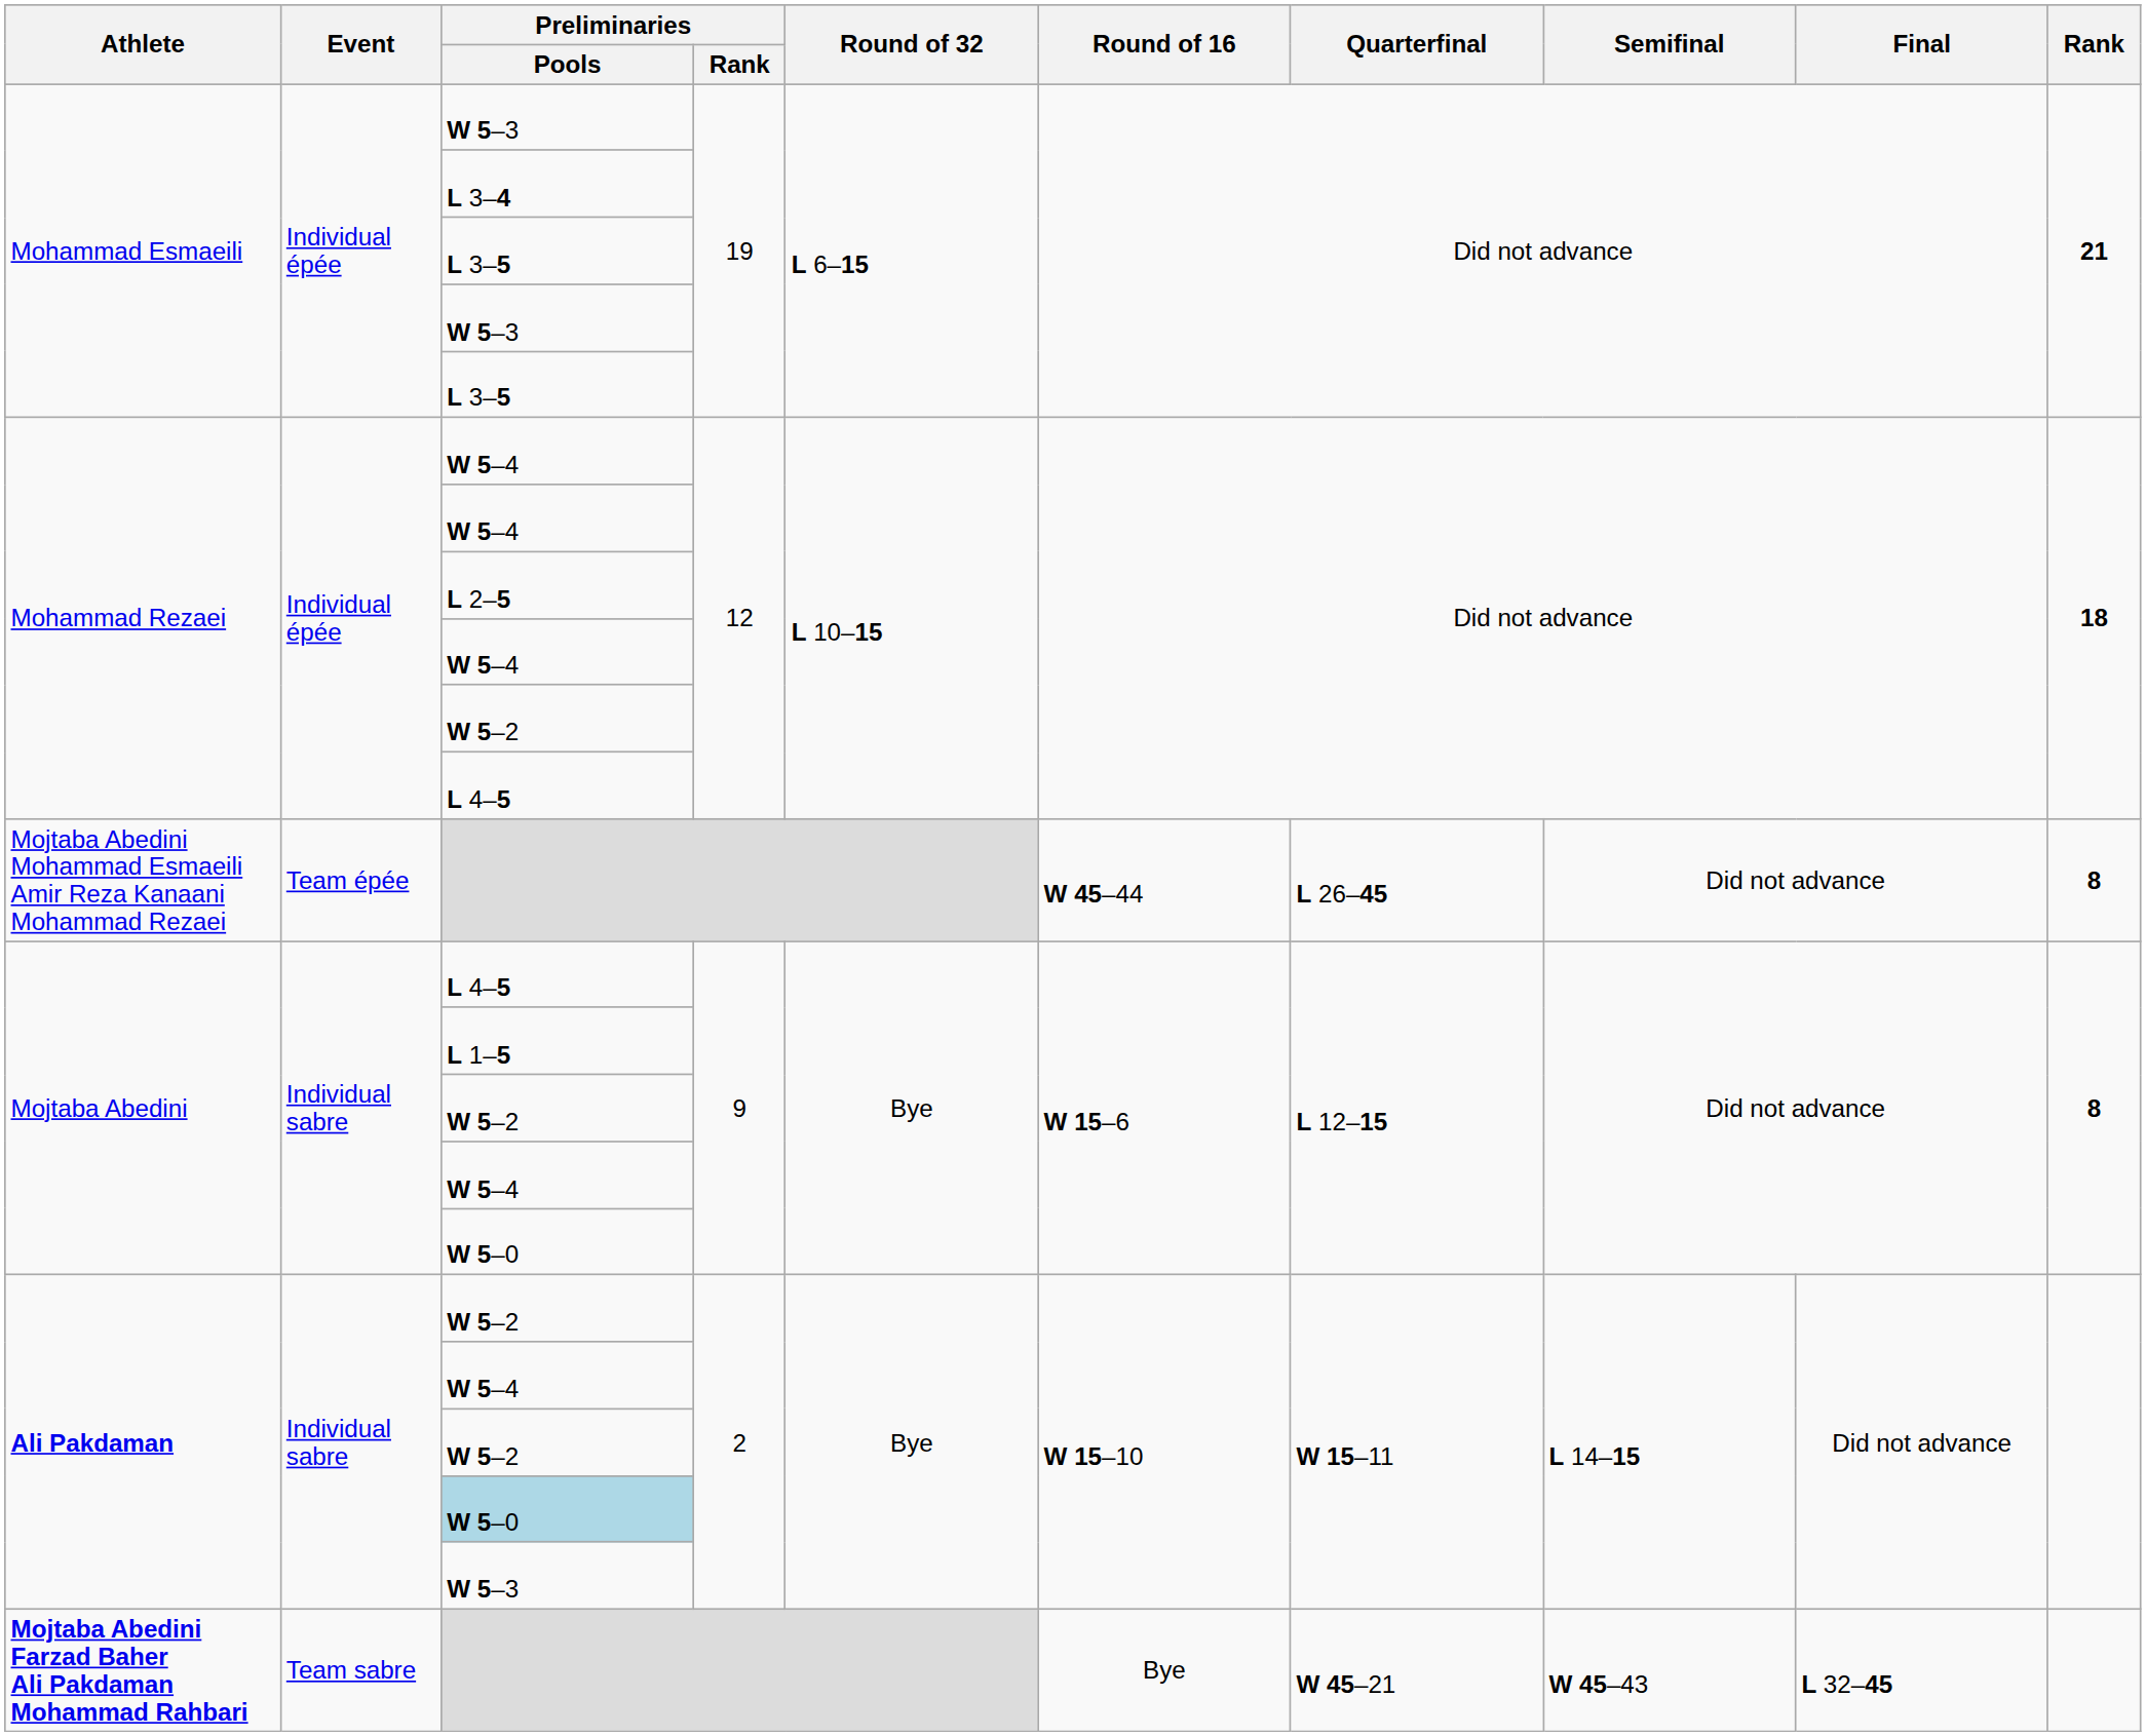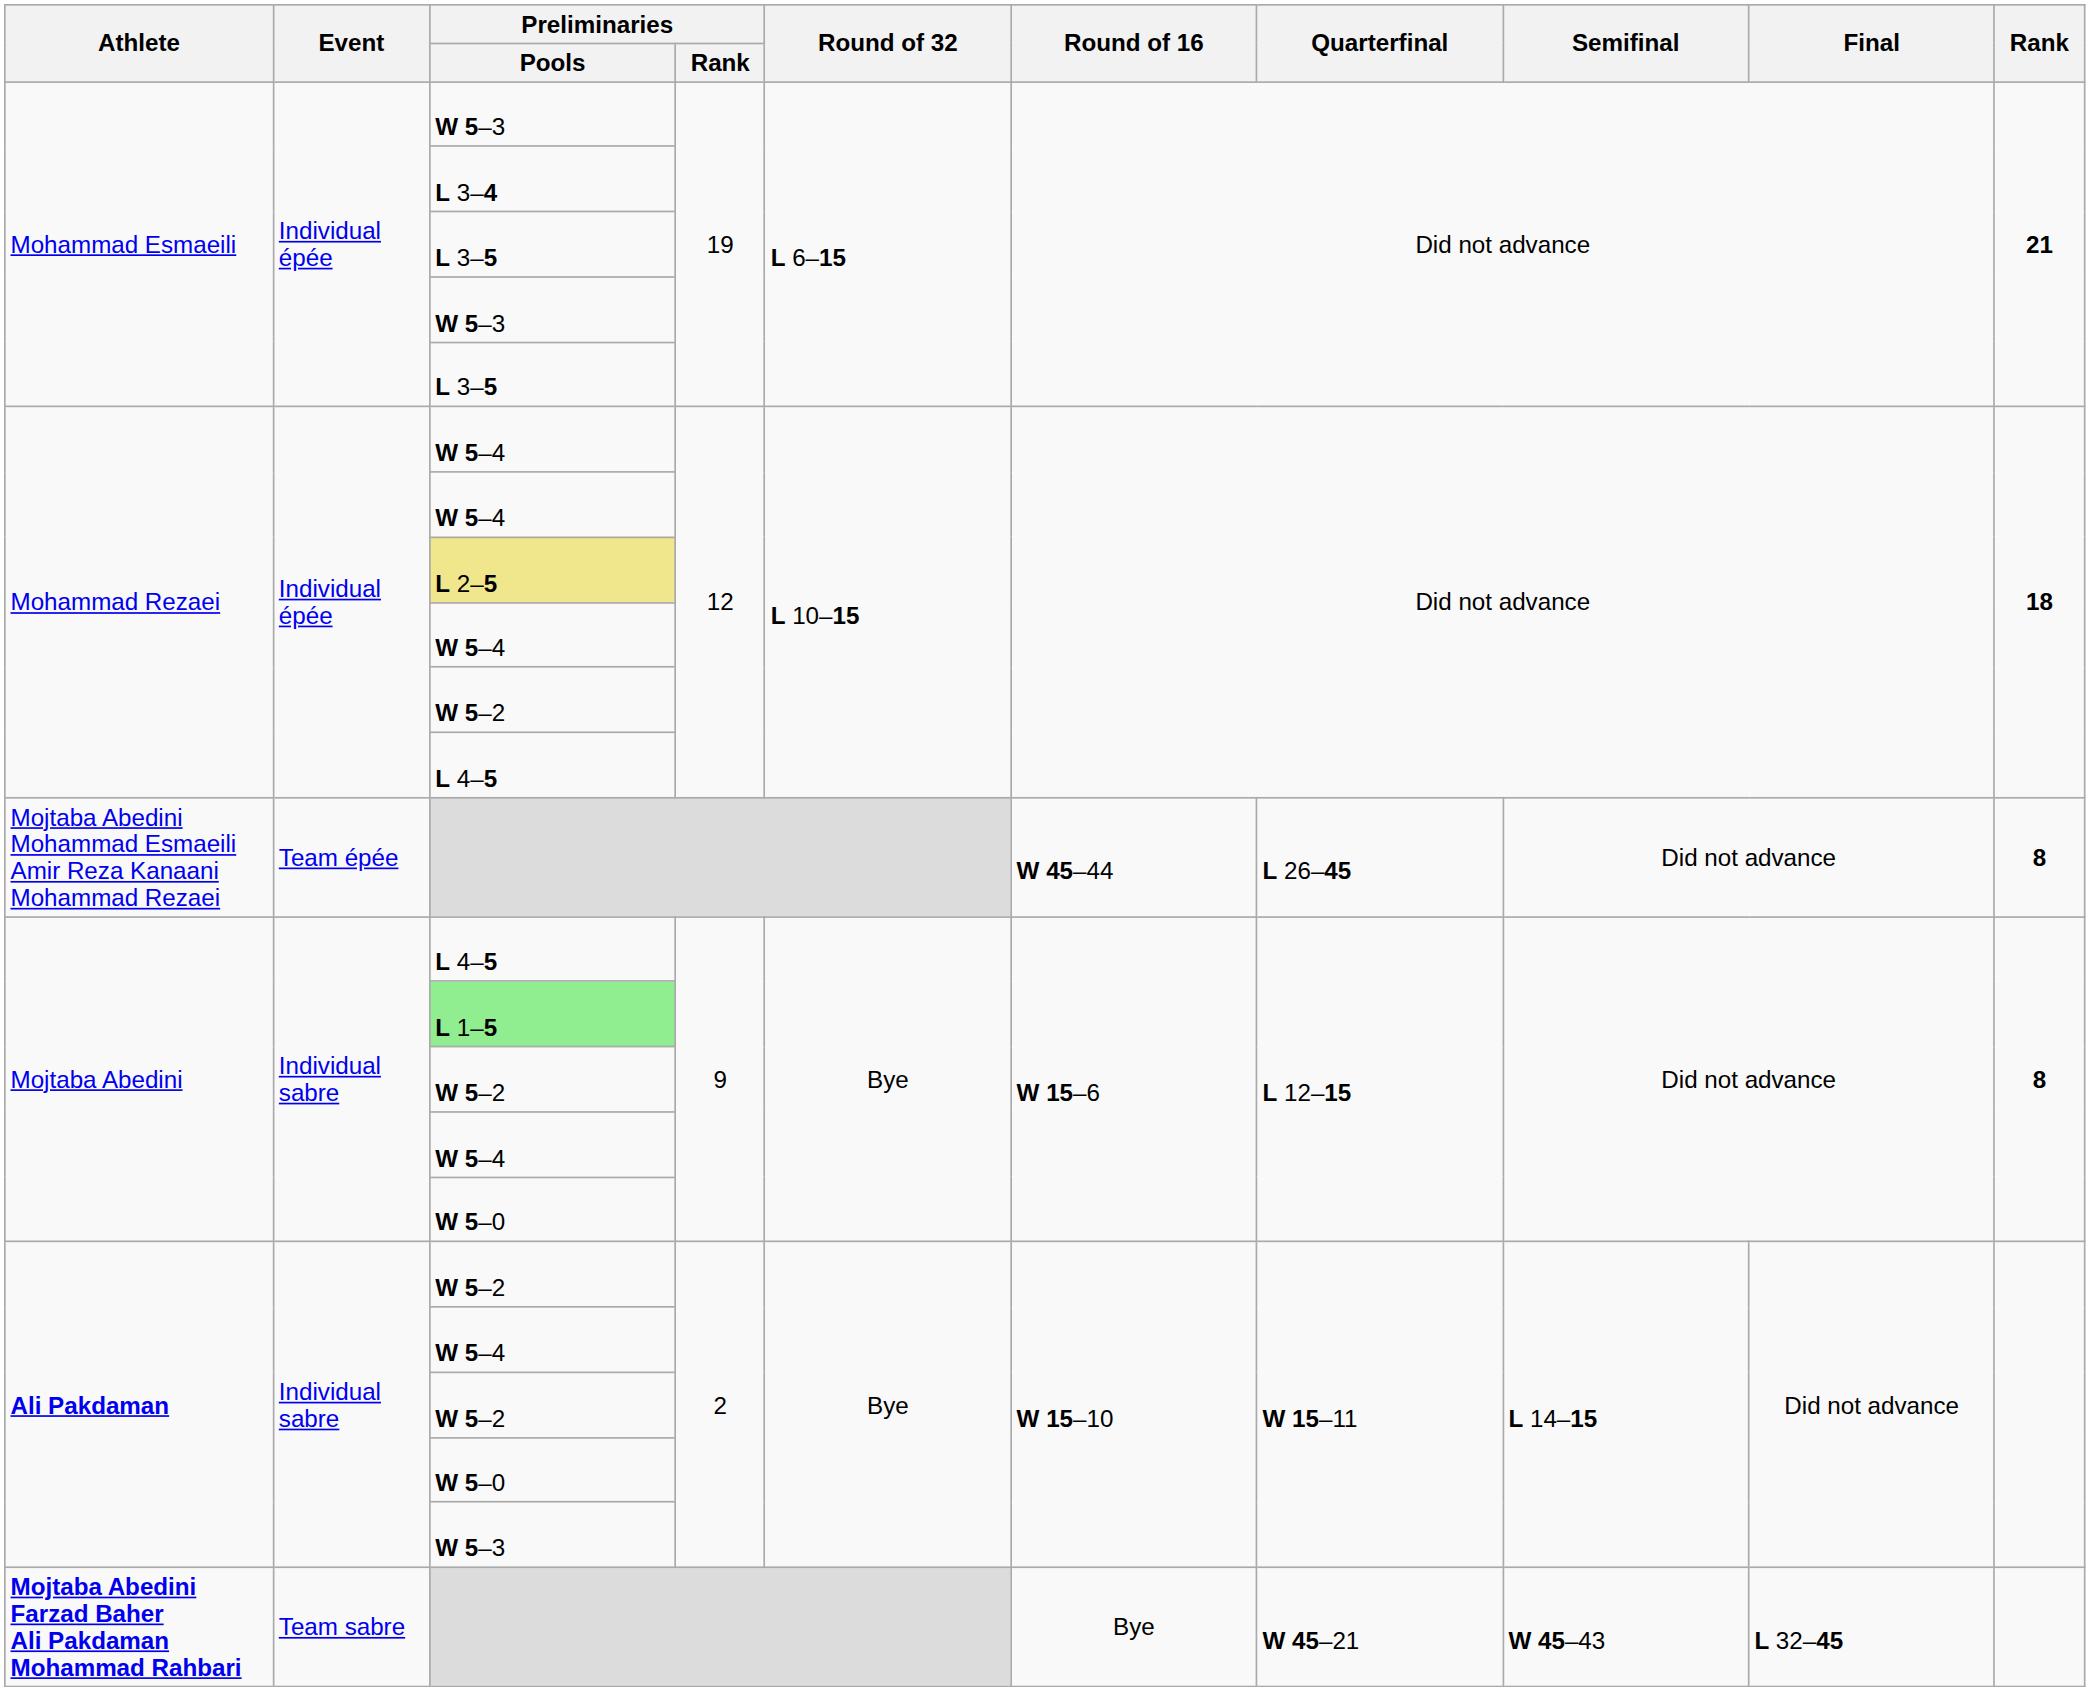 <table class="wikitable" width="98%" style="text-align:left; font-size:90%">
 <tr>
 <th rowspan="2" width="12%">Athlete</th>
 <th rowspan="2" width="7%">Event</th>
 <th colspan="2">Preliminaries</th>
 <th rowspan="2" width="11%">Round of 32</th>
 <th rowspan="2" width="11%">Round of 16</th>
 <th rowspan="2" width="11%">Quarterfinal</th>
 <th rowspan="2" width="11%">Semifinal</th>
 <th rowspan="2" width="11%">Final</th>
 <th rowspan="2" width="4%">Rank</th>
 </tr>
 <tr>
 <th width="11%">Pools</th>
 <th width="4%">Rank</th>
 </tr>
 <tr>
 <td rowspan="5"><a href='#'>Mohammad Esmaeili</a></td>
 <td rowspan="5"><a href='#'>Individual épée</a></td>
 <td><br><strong>W</strong> <strong>5</strong>–3</td>
 <td rowspan="5" align=center>19 <strong></strong></td>
 <td rowspan="5"><br><strong>L</strong> 6–<strong>15</strong></td>
 <td rowspan="5" colspan=4 align=center>Did not advance</td>
 <td rowspan="5" align="center"><strong>21</strong></td>
 </tr>
 <tr>
 <td><br><strong>L</strong> 3–<strong>4</strong></td>
 </tr>
 <tr>
 <td><br><strong>L</strong> 3–<strong>5</strong></td>
 </tr>
 <tr>
 <td><br><strong>W</strong> <strong>5</strong>–3</td>
 </tr>
 <tr>
 <td><br><strong>L</strong> 3–<strong>5</strong></td>
 </tr>
 <tr>
 <td rowspan="6"><a href='#'>Mohammad Rezaei</a></td>
 <td rowspan="6"><a href='#'>Individual épée</a></td>
 <td><br><strong>W</strong> <strong>5</strong>–4</td>
 <td rowspan="6" align=center>12 <strong></strong></td>
 <td rowspan="6"><br><strong>L</strong> 10–<strong>15</strong></td>
 <td rowspan="6" colspan=4 align=center>Did not advance</td>
 <td rowspan="6" align="center"><strong>18</strong></td>
 </tr>
 <tr>
 <td><br><strong>W</strong> <strong>5</strong>–4</td>
 </tr>
 <tr>
-<td><br><strong>L</strong> 2–<strong>5</strong></td>
+<td style="background: khaki;"><br><strong>L</strong> 2–<strong>5</strong></td>
 </tr>
 <tr>
 <td><br><strong>W</strong> <strong>5</strong>–4</td>
 </tr>
 <tr>
 <td><br><strong>W</strong> <strong>5</strong>–2</td>
 </tr>
 <tr>
 <td><br><strong>L</strong> 4–<strong>5</strong></td>
 </tr>
 <tr>
 <td><a href='#'>Mojtaba Abedini</a><br><a href='#'>Mohammad Esmaeili</a><br><a href='#'>Amir Reza Kanaani</a><br><a href='#'>Mohammad Rezaei</a></td>
 <td><a href='#'>Team épée</a></td>
 <td colspan=3 bgcolor=#DCDCDC></td>
 <td><br><strong>W</strong> <strong>45</strong>–44</td>
 <td><br><strong>L</strong> 26–<strong>45</strong></td>
 <td colspan=2 align=center>Did not advance</td>
 <td align="center"><strong>8</strong></td>
 </tr>
 <tr>
 <td rowspan="5"><a href='#'>Mojtaba Abedini</a></td>
 <td rowspan="5"><a href='#'>Individual sabre</a></td>
 <td><br><strong>L</strong> 4–<strong>5</strong></td>
 <td rowspan="5" align=center>9 <strong></strong></td>
 <td rowspan="5" align="center">Bye</td>
 <td rowspan="5"><br><strong>W</strong> <strong>15</strong>–6</td>
 <td rowspan="5"><br><strong>L</strong> 12–<strong>15</strong></td>
 <td rowspan="5" colspan=2 align=center>Did not advance</td>
 <td rowspan="5" align="center"><strong>8</strong></td>
 </tr>
 <tr>
-<td><br><strong>L</strong> 1–<strong>5</strong></td>
+<td style="background: lightgreen;"><br><strong>L</strong> 1–<strong>5</strong></td>
 </tr>
 <tr>
 <td><br><strong>W</strong> <strong>5</strong>–2</td>
 </tr>
 <tr>
 <td><br><strong>W</strong> <strong>5</strong>–4</td>
 </tr>
 <tr>
 <td><br><strong>W</strong> <strong>5</strong>–0</td>
 </tr>
 <tr>
 <td rowspan="5"><strong><a href='#'>Ali Pakdaman</a></strong></td>
 <td rowspan="5"><a href='#'>Individual sabre</a></td>
 <td><br><strong>W</strong> <strong>5</strong>–2</td>
 <td rowspan="5" align=center>2 <strong></strong></td>
 <td rowspan="5" align="center">Bye</td>
 <td rowspan="5"><br><strong>W</strong> <strong>15</strong>–10</td>
 <td rowspan="5"><br><strong>W</strong> <strong>15</strong>–11</td>
 <td rowspan="5"><br><strong>L</strong> 14–<strong>15</strong></td>
 <td rowspan="5" align=center>Did not advance</td>
 <td rowspan="5" align="center"></td>
 </tr>
 <tr>
 <td><br><strong>W</strong> <strong>5</strong>–4</td>
 </tr>
 <tr>
 <td><br><strong>W</strong> <strong>5</strong>–2</td>
 </tr>
 <tr>
-<td style="background: lightblue;"><br><strong>W</strong> <strong>5</strong>–0</td>
+<td><br><strong>W</strong> <strong>5</strong>–0</td>
 </tr>
 <tr>
 <td><br><strong>W</strong> <strong>5</strong>–3</td>
 </tr>
 <tr>
 <td><strong><a href='#'>Mojtaba Abedini</a><br><a href='#'>Farzad Baher</a><br><a href='#'>Ali Pakdaman</a><br><a href='#'>Mohammad Rahbari</a></strong></td>
 <td><a href='#'>Team sabre</a></td>
 <td colspan=3 bgcolor=#DCDCDC></td>
 <td align="center">Bye</td>
 <td><br><strong>W</strong> <strong>45</strong>–21</td>
 <td><br><strong>W</strong> <strong>45</strong>–43</td>
 <td><br><strong>L</strong> 32–<strong>45</strong></td>
 <td align="center"></td>
 </tr>
 </table>
